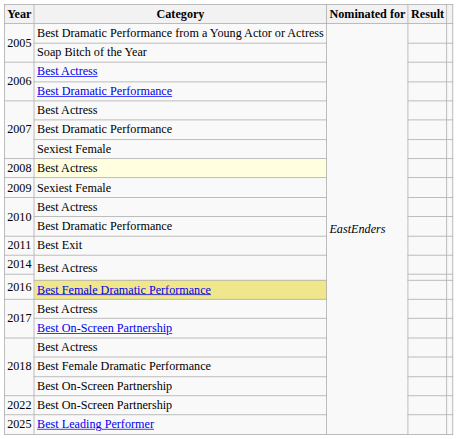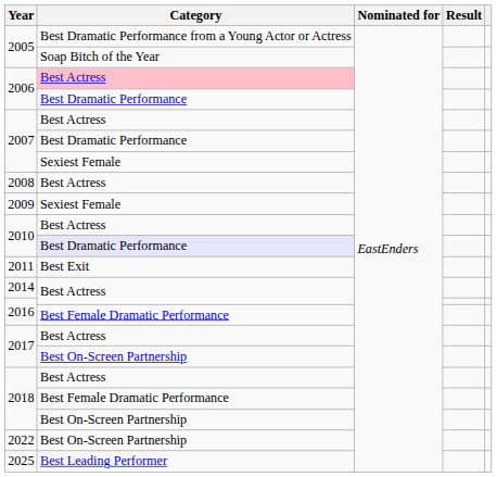 <table class="wikitable plainrowheaders">
 <tr>
 <th scope="col">Year</th>
 <th scope="col">Category</th>
 <th scope="col">Nominated for</th>
 <th scope="col">Result</th>
 <th scope="col"></th>
 </tr>
 <tr>
 <td align="center" rowspan="2">2005</td>
 <td>Best Dramatic Performance from a Young Actor or Actress</td>
 <td rowspan="22"><em>EastEnders</em></td>
 <td></td>
 <td align="center"></td>
 </tr>
 <tr>
 <td>Soap Bitch of the Year</td>
 <td></td>
 <td align="center"></td>
 </tr>
 <tr>
 <td align="center" rowspan="2">2006</td>
-<td><a href='#'>Best Actress</a></td>
+<td style="background: pink;"><a href='#'>Best Actress</a></td>
 <td></td>
 <td align="center"></td>
 </tr>
 <tr>
 <td><a href='#'>Best Dramatic Performance</a></td>
 <td></td>
 <td align="center"></td>
 </tr>
 <tr>
 <td align="center" rowspan="3">2007</td>
 <td>Best Actress</td>
 <td></td>
 <td align="center"></td>
 </tr>
 <tr>
 <td>Best Dramatic Performance</td>
 <td></td>
 <td align="center"></td>
 </tr>
 <tr>
 <td>Sexiest Female</td>
 <td></td>
 <td align="center"></td>
 </tr>
 <tr>
 <td align="center">2008</td>
-<td style="background: lightyellow;">Best Actress</td>
+<td>Best Actress</td>
 <td></td>
 <td align="center"></td>
 </tr>
 <tr>
 <td align="center">2009</td>
 <td>Sexiest Female</td>
 <td></td>
 <td align="center"></td>
 </tr>
 <tr>
 <td align="center" rowspan="2">2010</td>
 <td>Best Actress</td>
 <td></td>
 <td align="center"></td>
 </tr>
 <tr>
-<td>Best Dramatic Performance</td>
+<td style="background: lavender;">Best Dramatic Performance</td>
 <td></td>
 <td align="center"></td>
 </tr>
 <tr>
 <td align="center">2011</td>
 <td>Best Exit</td>
 <td></td>
 <td align="center"></td>
 </tr>
 <tr>
 <td align="center">2014</td>
 <td rowspan="2">Best Actress</td>
 <td></td>
 <td align="center"></td>
 </tr>
 <tr>
 <td align="center" rowspan="2">2016</td>
 <td></td>
 <td align="center"></td>
 </tr>
 <tr>
-<td style="background: khaki;"><a href='#'>Best Female Dramatic Performance</a></td>
+<td><a href='#'>Best Female Dramatic Performance</a></td>
 <td></td>
 <td align="center"></td>
 </tr>
 <tr>
 <td align="center" rowspan="2">2017</td>
 <td>Best Actress</td>
 <td></td>
 <td align="center"></td>
 </tr>
 <tr>
 <td><a href='#'>Best On-Screen Partnership</a> </td>
 <td></td>
 <td align="center"></td>
 </tr>
 <tr>
 <td rowspan="3" align="center">2018</td>
 <td>Best Actress</td>
 <td></td>
 <td align="center"></td>
 </tr>
 <tr>
 <td>Best Female Dramatic Performance</td>
 <td></td>
 <td align="center"></td>
 </tr>
 <tr>
 <td>Best On-Screen Partnership </td>
 <td></td>
 <td align="center"></td>
 </tr>
 <tr>
 <td align="center">2022</td>
 <td>Best On-Screen Partnership </td>
 <td></td>
 <td align="center"></td>
 </tr>
 <tr>
 <td align="center">2025</td>
 <td><a href='#'>Best Leading Performer</a></td>
 <td></td>
 <td align="center"></td>
 </tr>
 </table>
